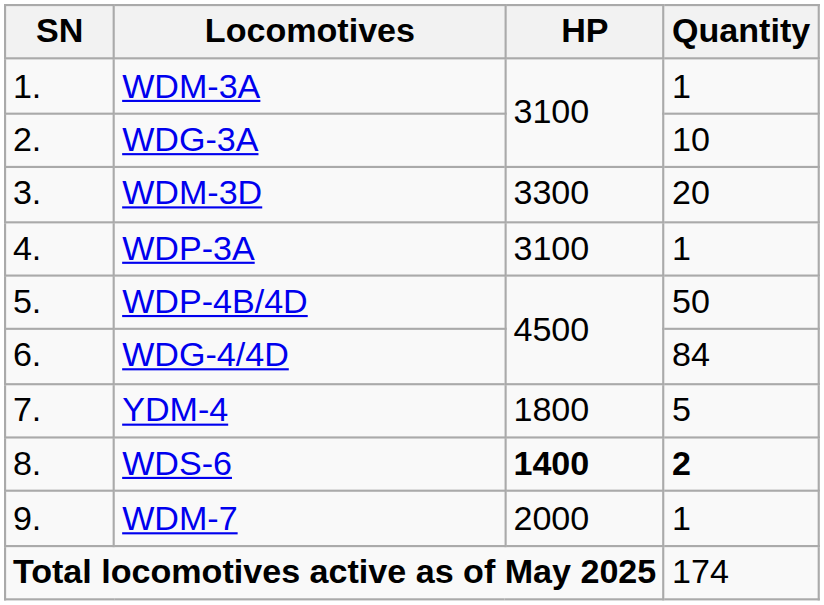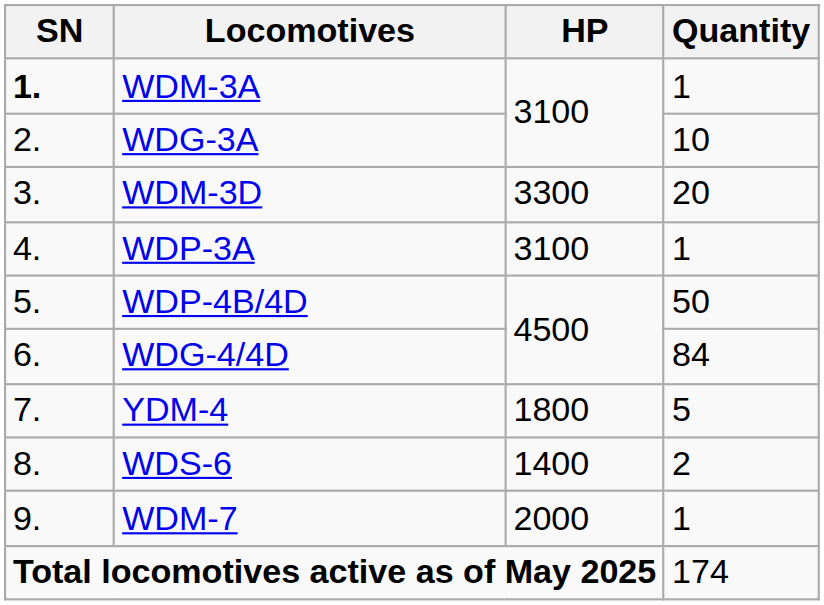 <table class="wikitable">
 <tr>
 <th>SN</th>
 <th>Locomotives</th>
 <th>HP</th>
 <th>Quantity</th>
 </tr>
 <tr>
-<td>1.</td>
+<td><strong>1.</strong></td>
 <td><a href='#'>WDM-3A</a></td>
 <td rowspan="2">3100</td>
 <td>1</td>
 </tr>
 <tr>
 <td>2.</td>
 <td><a href='#'>WDG-3A</a></td>
 <td>10</td>
 </tr>
 <tr>
 <td>3.</td>
 <td><a href='#'>WDM-3D</a></td>
 <td>3300</td>
 <td>20</td>
 </tr>
 <tr>
 <td>4.</td>
 <td><a href='#'>WDP-3A</a></td>
 <td>3100</td>
 <td>1</td>
 </tr>
 <tr>
 <td>5.</td>
 <td><a href='#'>WDP-4B/4D</a></td>
 <td rowspan="2">4500</td>
 <td>50</td>
 </tr>
 <tr>
 <td>6.</td>
 <td><a href='#'>WDG-4/4D</a></td>
 <td>84</td>
 </tr>
 <tr>
 <td>7.</td>
 <td><a href='#'>YDM-4</a></td>
 <td>1800</td>
 <td>5</td>
 </tr>
 <tr>
 <td>8.</td>
 <td><a href='#'>WDS-6</a></td>
-<td><strong>1400</strong></td>
-<td><strong>2</strong></td>
+<td>1400</td>
+<td>2</td>
 </tr>
 <tr>
 <td>9.</td>
 <td><a href='#'>WDM-7</a></td>
 <td>2000</td>
 <td>1</td>
 </tr>
 <tr>
 <td colspan="3"><strong>Total locomotives active as of May 2025</strong></td>
 <td>174</td>
 </tr>
 </table>
